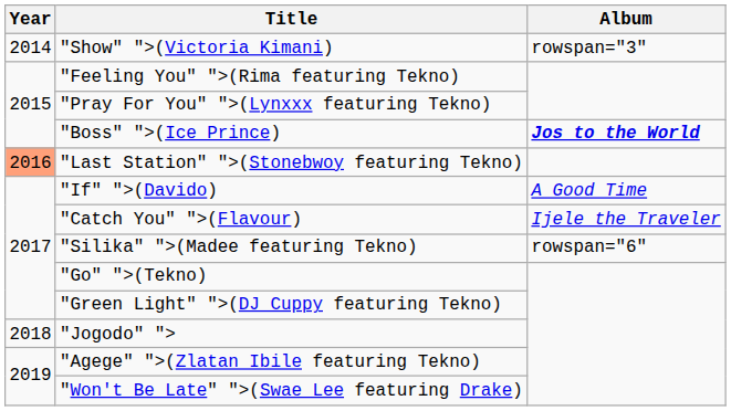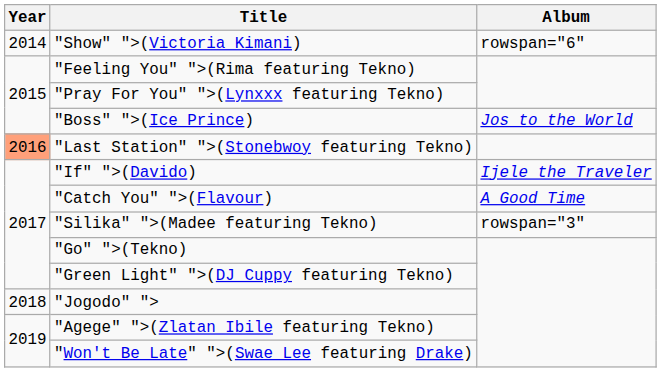 <table class="wikitable sortable">
 <tr>
 <th>Year</th>
 <th>Title</th>
 <th>Album</th>
 </tr>
 <tr>
 <td>2014</td>
 <td>"Show" <span>">(<a href='#'>Victoria Kimani</a>)</span></td>
-<td>rowspan="3" </td>
+<td>rowspan="6" </td>
 </tr>
 <tr>
 <td rowspan="3">2015</td>
 <td>"Feeling You" <span>">(Rima featuring Tekno)</span></td>
 </tr>
 <tr>
 <td>"Pray For You" <span>">(<a href='#'>Lynxxx</a> featuring Tekno)</span></td>
 </tr>
 <tr>
 <td>"Boss" <span>">(<a href='#'>Ice Prince</a>)</span></td>
-<td><strong><em><a href='#'>Jos to the World</a></em></strong></td>
+<td><em><a href='#'>Jos to the World</a></em></td>
 </tr>
 <tr>
 <td style="background: lightsalmon;">2016</td>
 <td>"Last Station" <span>">(<a href='#'>Stonebwoy</a> featuring Tekno)</span></td>
 <td></td>
 </tr>
 <tr>
 <td rowspan="5">2017</td>
 <td>"If" <span>">(<a href='#'>Davido</a>)</span></td>
+<td><em><a href='#'>Ijele the Traveler</a></em></td>
+</tr>
+<tr>
+<td>"Catch You" <span>">(<a href='#'>Flavour</a>)</span></td>
 <td><em><a href='#'>A Good Time</a></em></td>
 </tr>
 <tr>
-<td>"Catch You" <span>">(<a href='#'>Flavour</a>)</span></td>
-<td><em><a href='#'>Ijele the Traveler</a></em></td>
-</tr>
-<tr>
 <td>"Silika" <span>">(Madee featuring Tekno)</span></td>
-<td>rowspan="6" </td>
+<td>rowspan="3" </td>
 </tr>
 <tr>
 <td>"Go" <span>">(Tekno)</span></td>
 </tr>
 <tr>
 <td>"Green Light"  <span>">(<a href='#'>DJ Cuppy</a> featuring Tekno)</span></td>
 </tr>
 <tr>
 <td>2018</td>
 <td>"Jogodo" <span>"></span></td>
 </tr>
 <tr>
 <td rowspan="2">2019</td>
 <td>"Agege" <span>">(<a href='#'>Zlatan Ibile</a> featuring Tekno)</span></td>
 </tr>
 <tr>
 <td>"<a href='#'>Won't Be Late</a>" <span>">(<a href='#'>Swae Lee</a> featuring <a href='#'>Drake</a>)</span></td>
 </tr>
 </table>
